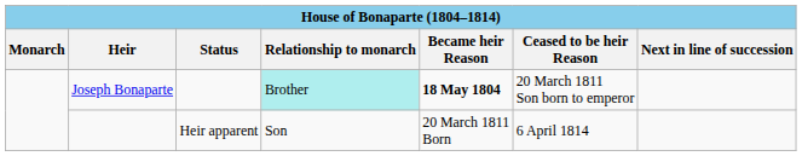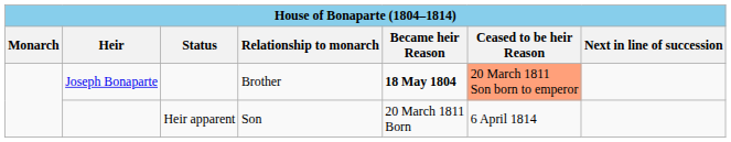 <table class="wikitable" style="font-size:95%">
 <tr>
 <th colspan="7" style="background: skyblue;">House of Bonaparte (1804–1814)</th>
 </tr>
 <tr>
 <th>Monarch</th>
 <th>Heir</th>
 <th>Status</th>
 <th>Relationship to monarch</th>
 <th>Became heir<br>Reason</th>
 <th>Ceased to be heir<br>Reason</th>
 <th>Next in line of succession</th>
 </tr>
 <tr>
 <td rowspan=2></td>
 <td><a href='#'>Joseph Bonaparte</a></td>
 <td></td>
-<td style="background: paleturquoise;">Brother</td>
+<td>Brother</td>
 <td><strong>18 May 1804<br></strong></td>
-<td>20 March 1811<br>Son born to emperor</td>
+<td style="background: lightsalmon;">20 March 1811<br>Son born to emperor</td>
 <td></td>
 </tr>
 <tr>
 <td></td>
 <td>Heir apparent</td>
 <td>Son</td>
 <td>20 March 1811<br>Born</td>
 <td>6 April 1814<br></td>
 <td></td>
 </tr>
 </table>
